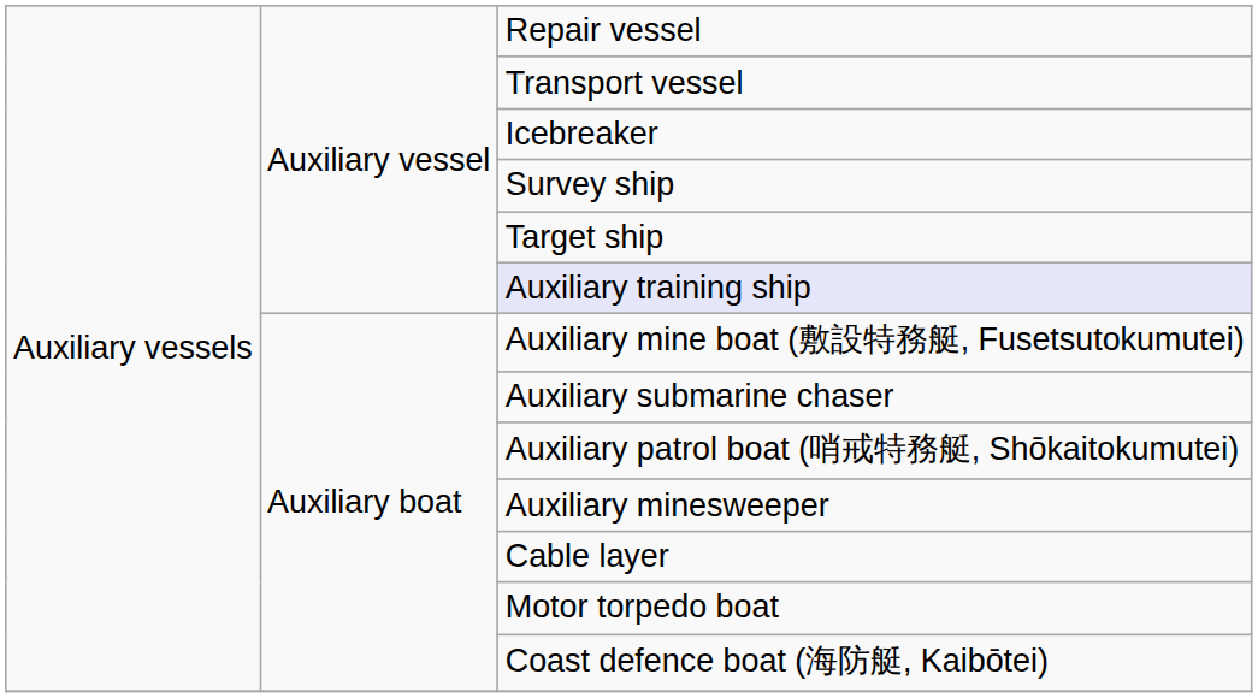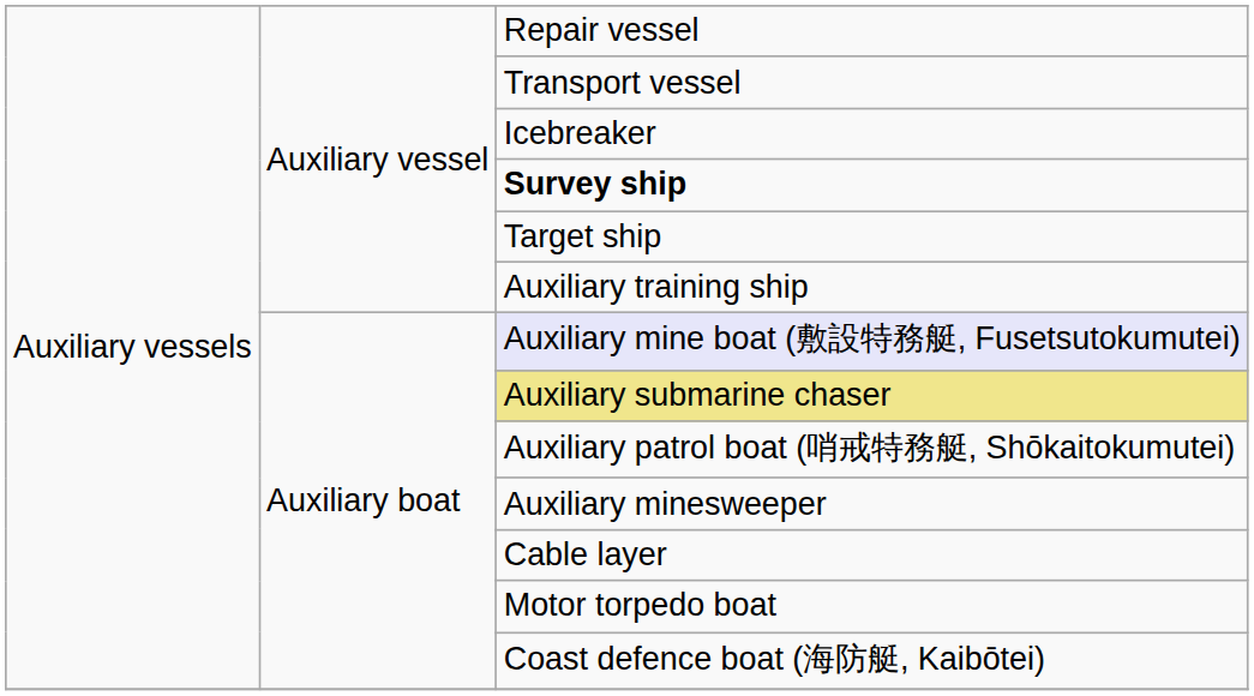 <table class="wikitable">
 <tr>
 <td rowspan="13">Auxiliary vessels</td>
 <td rowspan="6">Auxiliary vessel</td>
 <td>Repair vessel</td>
 </tr>
 <tr>
 <td>Transport vessel</td>
 </tr>
 <tr>
 <td>Icebreaker</td>
 </tr>
 <tr>
-<td>Survey ship</td>
+<td><strong>Survey ship</strong></td>
 </tr>
 <tr>
 <td>Target ship</td>
 </tr>
 <tr>
-<td style="background: lavender;">Auxiliary training ship</td>
+<td>Auxiliary training ship</td>
 </tr>
 <tr>
 <td rowspan="7">Auxiliary boat</td>
-<td>Auxiliary mine boat (敷設特務艇, Fusetsutokumutei)</td>
+<td style="background: lavender;">Auxiliary mine boat (敷設特務艇, Fusetsutokumutei)</td>
 </tr>
 <tr>
-<td>Auxiliary submarine chaser</td>
+<td style="background: khaki;">Auxiliary submarine chaser</td>
 </tr>
 <tr>
 <td>Auxiliary patrol boat (哨戒特務艇, Shōkaitokumutei)</td>
 </tr>
 <tr>
 <td>Auxiliary minesweeper</td>
 </tr>
 <tr>
 <td>Cable layer</td>
 </tr>
 <tr>
 <td>Motor torpedo boat</td>
 </tr>
 <tr>
 <td>Coast defence boat (海防艇, Kaibōtei)</td>
 </tr>
 <tr>
 </tr>
 </table>
